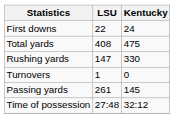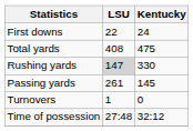 <table class="wikitable" style="float: left;">
 <tr>
 <th>Statistics</th>
 <th>LSU</th>
 <th>Kentucky</th>
 </tr>
 <tr>
 <td>First downs</td>
 <td>22</td>
 <td>24</td>
 </tr>
 <tr>
 <td>Total yards</td>
 <td>408</td>
 <td>475</td>
 </tr>
 <tr °>
 <td>Rushing yards</td>
-<td>147</td>
+<td style="background: lightgrey;">147</td>
 <td>330</td>
+</tr>
+<tr>
+<td>Passing yards</td>
+<td>261</td>
+<td>145</td>
 </tr>
 <tr>
 <td>Turnovers</td>
 <td>1</td>
 <td>0</td>
-</tr>
-<tr>
-<td>Passing yards</td>
-<td>261</td>
-<td>145</td>
 </tr>
 <tr>
 <td>Time of possession</td>
 <td>27:48</td>
 <td>32:12</td>
 </tr>
 <tr>
 </tr>
 </table>
